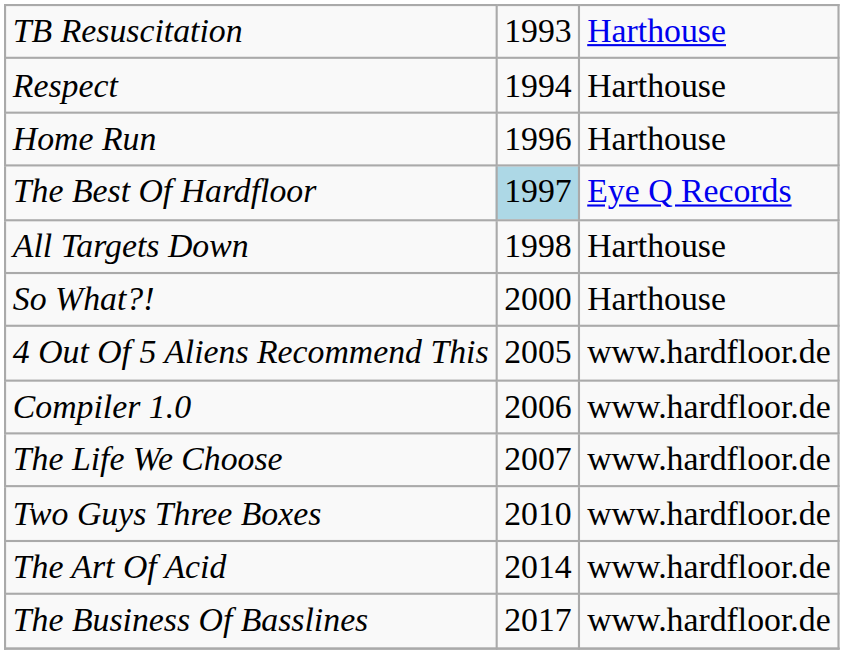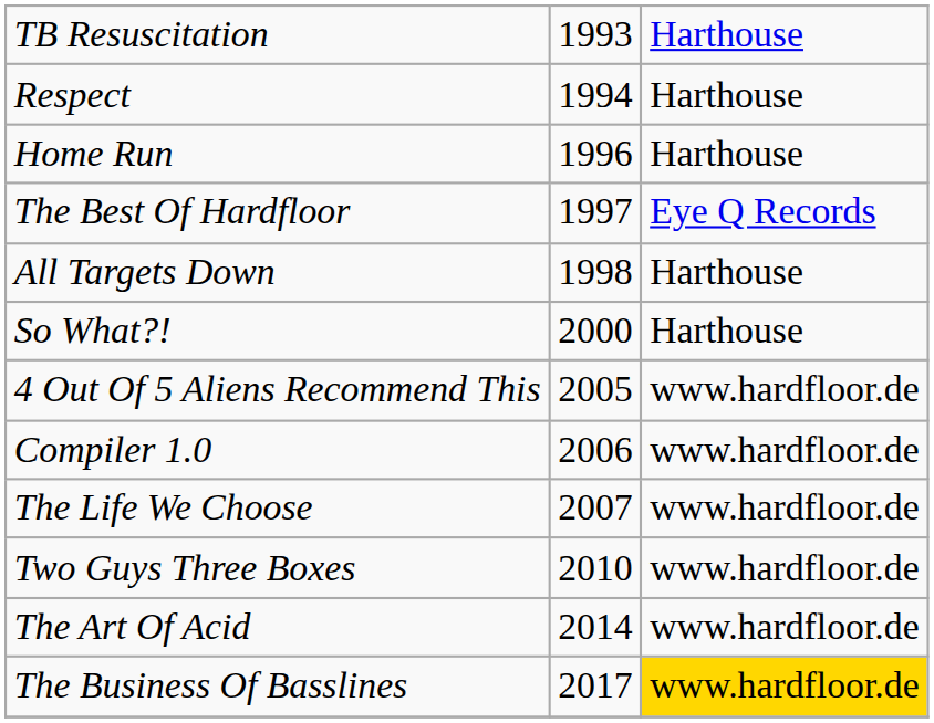 <table class="wikitable">
 <tr>
 <td><em>TB Resuscitation</em></td>
 <td>1993</td>
 <td><a href='#'>Harthouse</a></td>
 </tr>
 <tr>
 <td><em>Respect</em></td>
 <td>1994</td>
 <td>Harthouse</td>
 </tr>
 <tr>
 <td><em>Home Run</em></td>
 <td>1996</td>
 <td>Harthouse</td>
 </tr>
 <tr>
 <td><em>The Best Of Hardfloor</em></td>
-<td style="background: lightblue;">1997</td>
+<td>1997</td>
 <td><a href='#'>Eye Q Records</a></td>
 </tr>
 <tr>
 <td><em>All Targets Down</em></td>
 <td>1998</td>
 <td>Harthouse</td>
 </tr>
 <tr>
 <td><em>So What?!</em></td>
 <td>2000</td>
 <td>Harthouse</td>
 </tr>
 <tr>
 <td><em>4 Out Of 5 Aliens Recommend This</em></td>
 <td>2005</td>
 <td>www.hardfloor.de</td>
 </tr>
 <tr>
 <td><em>Compiler 1.0</em></td>
 <td>2006</td>
 <td>www.hardfloor.de</td>
 </tr>
 <tr>
 <td><em>The Life We Choose</em></td>
 <td>2007</td>
 <td>www.hardfloor.de</td>
 </tr>
 <tr>
 <td><em>Two Guys Three Boxes</em></td>
 <td>2010</td>
 <td>www.hardfloor.de</td>
 </tr>
 <tr>
 <td><em>The Art Of Acid</em></td>
 <td>2014</td>
 <td>www.hardfloor.de</td>
 </tr>
 <tr>
 <td><em>The Business Of Basslines</em></td>
 <td>2017</td>
-<td>www.hardfloor.de</td>
+<td style="background: gold;">www.hardfloor.de</td>
 </tr>
 <tr>
 </tr>
 </table>
